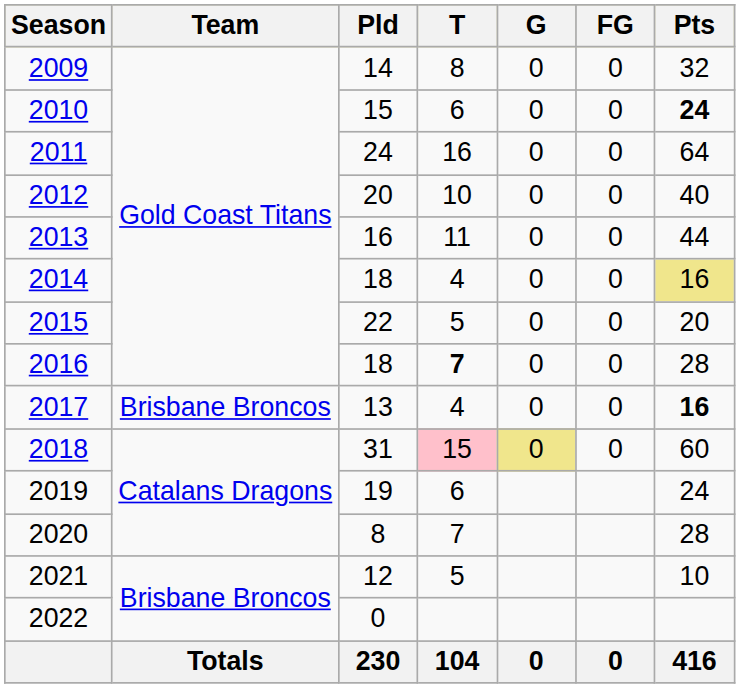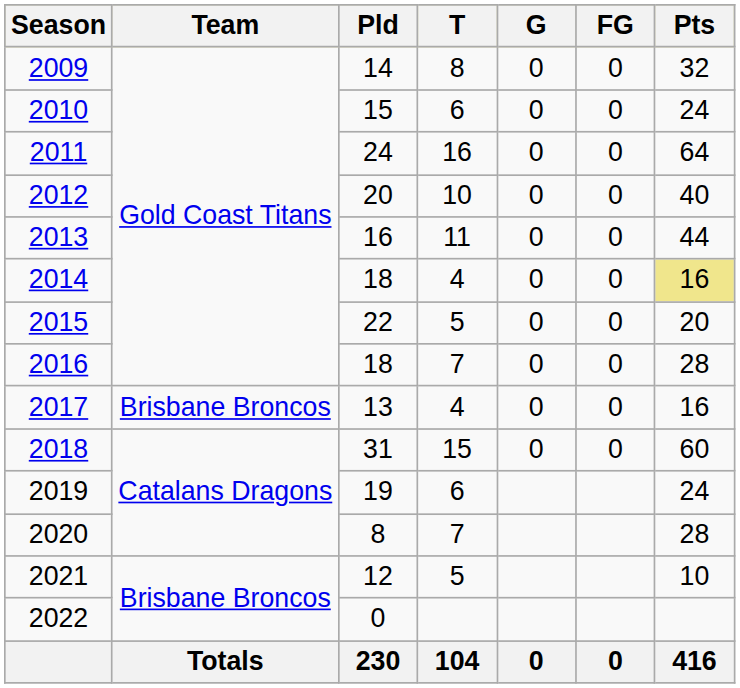 <table class="wikitable" style="text-align:center;">
 <tr style="background:#bdb76b;">
 <th>Season</th>
 <th>Team</th>
 <th style="width:40px;">Pld</th>
 <th style="width:40px;">T</th>
 <th style="width:40px;">G</th>
 <th style="width:40px;">FG</th>
 <th style="width:40px;">Pts</th>
 </tr>
 <tr>
 <td><a href='#'>2009</a></td>
 <td rowspan="8"> <a href='#'>Gold Coast Titans</a></td>
 <td>14</td>
 <td>8</td>
 <td>0</td>
 <td>0</td>
 <td>32</td>
 </tr>
 <tr>
 <td><a href='#'>2010</a></td>
 <td>15</td>
 <td>6</td>
 <td>0</td>
 <td>0</td>
-<td><strong>24</strong></td>
+<td>24</td>
 </tr>
 <tr>
 <td><a href='#'>2011</a></td>
 <td>24</td>
 <td>16</td>
 <td>0</td>
 <td>0</td>
 <td>64</td>
 </tr>
 <tr>
 <td><a href='#'>2012</a></td>
 <td>20</td>
 <td>10</td>
 <td>0</td>
 <td>0</td>
 <td>40</td>
 </tr>
 <tr>
 <td><a href='#'>2013</a></td>
 <td>16</td>
 <td>11</td>
 <td>0</td>
 <td>0</td>
 <td>44</td>
 </tr>
 <tr>
 <td><a href='#'>2014</a></td>
 <td>18</td>
 <td>4</td>
 <td>0</td>
 <td>0</td>
 <td style="background: khaki;">16</td>
 </tr>
 <tr>
 <td><a href='#'>2015</a></td>
 <td>22</td>
 <td>5</td>
 <td>0</td>
 <td>0</td>
 <td>20</td>
 </tr>
 <tr>
 <td><a href='#'>2016</a></td>
 <td>18</td>
-<td><strong>7</strong></td>
+<td>7</td>
 <td>0</td>
 <td>0</td>
 <td>28</td>
 </tr>
 <tr>
 <td><a href='#'>2017</a></td>
 <td> <a href='#'>Brisbane Broncos</a></td>
 <td>13</td>
 <td>4</td>
 <td>0</td>
 <td>0</td>
-<td><strong>16</strong></td>
+<td>16</td>
 </tr>
 <tr>
 <td><a href='#'>2018</a></td>
 <td rowspan="3"> <a href='#'>Catalans Dragons</a></td>
 <td>31</td>
-<td style="background: pink;">15</td>
-<td style="background: khaki;">0</td>
+<td>15</td>
+<td>0</td>
 <td>0</td>
 <td>60</td>
 </tr>
 <tr>
 <td>2019</td>
 <td>19</td>
 <td>6</td>
 <td></td>
 <td></td>
 <td>24</td>
 </tr>
 <tr>
 <td>2020</td>
 <td>8</td>
 <td>7</td>
 <td></td>
 <td></td>
 <td>28</td>
 </tr>
 <tr>
 <td>2021</td>
 <td rowspan="2"> <a href='#'>Brisbane Broncos</a></td>
 <td>12</td>
 <td>5</td>
 <td></td>
 <td></td>
 <td>10</td>
 </tr>
 <tr>
 <td>2022</td>
 <td>0</td>
 <td></td>
 <td></td>
 <td></td>
 <td></td>
 </tr>
 <tr>
 <th></th>
 <th>Totals</th>
 <th>230</th>
 <th>104</th>
 <th>0</th>
 <th>0</th>
 <th>416</th>
 </tr>
 </table>
